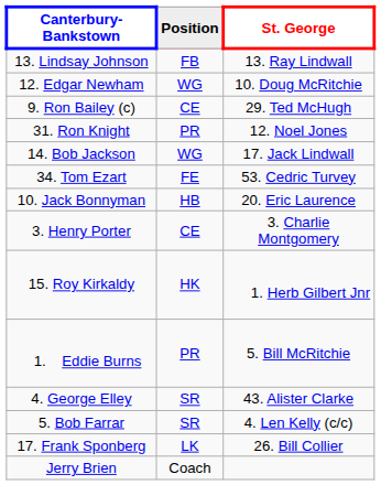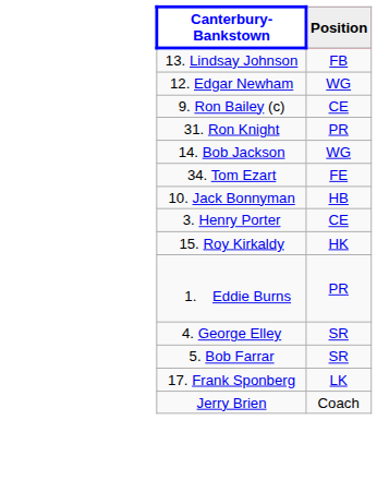 <table class="wikitable" style="float:right; font-size:90%; margin-left:1em;">
 <tr style="background:#f03;">
 <th style="width:140px; border:3px solid blue; background: white; color: blue">Canterbury-Bankstown</th>
 <th style="width:40px; text-align:center; background:#eee; color:black;">Position</th>
-<th style="width:140px; border:3px solid red; background: white; color: red">St. George</th>
 </tr>
 <tr align=center>
 <td>13. <a href='#'>Lindsay Johnson</a></td>
 <td><a href='#'>FB</a></td>
-<td>13. <a href='#'>Ray Lindwall</a></td>
 </tr>
 <tr align=center>
 <td>12. <a href='#'>Edgar Newham</a></td>
 <td><a href='#'>WG</a></td>
-<td>10. <a href='#'>Doug McRitchie</a></td>
 </tr>
 <tr align=center>
 <td>9. <a href='#'>Ron Bailey</a> (c)</td>
 <td><a href='#'>CE</a></td>
-<td>29. <a href='#'>Ted McHugh</a></td>
 </tr>
 <tr align=center>
 <td>31. <a href='#'>Ron Knight</a></td>
 <td><a href='#'>PR</a></td>
-<td>12. <a href='#'>Noel Jones</a></td>
 </tr>
 <tr align=center>
 <td>14. <a href='#'>Bob Jackson</a></td>
 <td><a href='#'>WG</a></td>
-<td>17. <a href='#'>Jack Lindwall</a></td>
 </tr>
 <tr align=center>
 <td>34. <a href='#'>Tom Ezart</a></td>
 <td><a href='#'>FE</a></td>
-<td>53. <a href='#'>Cedric Turvey</a></td>
 </tr>
 <tr align=center>
 <td>10. <a href='#'>Jack Bonnyman</a></td>
 <td><a href='#'>HB</a></td>
-<td>20. <a href='#'>Eric Laurence</a></td>
 </tr>
 <tr align=center>
 <td>3. <a href='#'>Henry Porter</a></td>
 <td><a href='#'>CE</a></td>
-<td>3. <a href='#'>Charlie Montgomery</a></td>
 </tr>
 <tr align=center>
 <td>15. <a href='#'>Roy Kirkaldy</a></td>
 <td><a href='#'>HK</a></td>
-<td><br><ol><li><a href='#'>Herb Gilbert Jnr</a></li></ol></td>
 </tr>
 <tr align=center>
 <td><br><ol><li><a href='#'>Eddie Burns</a></li></ol></td>
 <td><a href='#'>PR</a></td>
-<td>5. <a href='#'>Bill McRitchie</a></td>
 </tr>
 <tr align=center>
 <td>4. <a href='#'>George Elley</a></td>
 <td><a href='#'>SR</a></td>
-<td>43. <a href='#'>Alister Clarke</a></td>
 </tr>
 <tr align=center>
 <td>5. <a href='#'>Bob Farrar</a></td>
 <td><a href='#'>SR</a></td>
-<td>4. <a href='#'>Len Kelly</a> (c/c)</td>
 </tr>
 <tr align=center>
 <td>17. <a href='#'>Frank Sponberg</a></td>
 <td><a href='#'>LK</a></td>
-<td>26. <a href='#'>Bill Collier</a></td>
 </tr>
 <tr align=center>
 <td><a href='#'>Jerry Brien</a></td>
 <td>Coach</td>
-<td></td>
 </tr>
 </table>
